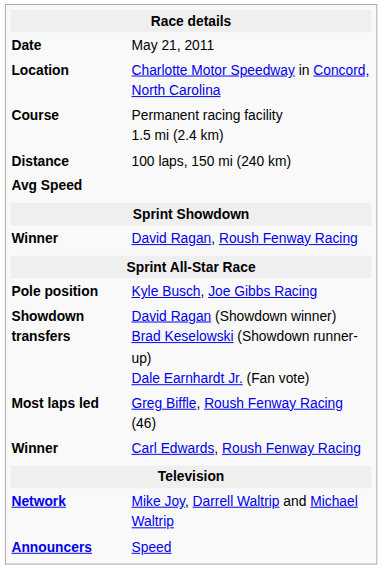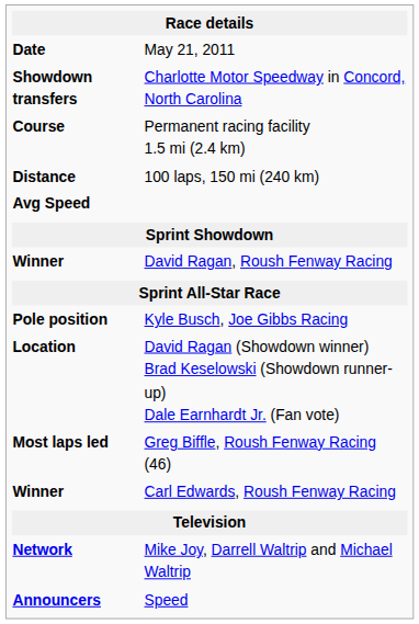 <table class="infobox vevent" style="width: 27em; font-size: 88%; line-height: 1.5em">
 <tr style="text-align: center; background: #ffffff;">
 <td align="center" style="background:#efefef;" colspan=2><strong>Race details</strong></td>
 </tr>
 <tr style="vertical-align: middle;">
 <td><strong>Date</strong></td>
 <td>May 21, 2011</td>
 </tr>
 <tr style="vertical-align: middle;">
-<td><strong>Location</strong></td>
+<td><strong>Showdown transfers</strong></td>
 <td><a href='#'>Charlotte Motor Speedway</a> in <a href='#'>Concord, North Carolina</a></td>
 </tr>
 <tr style="vertical-align: middle;">
 <td><strong>Course</strong></td>
 <td>Permanent racing facility<br>1.5 mi (2.4 km)</td>
 </tr>
 <tr style="vertical-align: middle;">
 <td><strong>Distance</strong></td>
 <td>100 laps, 150 mi (240 km)<br></td>
 </tr>
 <tr style="vertical-align: middle;">
 <td><strong>Avg Speed</strong></td>
 <td></td>
 </tr>
 <tr style="vertical-align: middle;">
 <td></td>
 </tr>
 <tr>
 <td align="center" style="background:#efefef;" colspan=2><strong>Sprint Showdown</strong><br></td>
 </tr>
 <tr style="vertical-align: middle;">
 <td><strong>Winner</strong></td>
 <td><a href='#'>David Ragan</a>, <a href='#'>Roush Fenway Racing</a></td>
 </tr>
 <tr style="vertical-align: middle;">
 <td></td>
 </tr>
 <tr>
 <td align="center" style="background:#efefef;" colspan=2><strong>Sprint All-Star Race</strong></td>
 </tr>
 <tr style="vertical-align: middle;">
 <td><strong>Pole position</strong></td>
 <td><a href='#'>Kyle Busch</a>, <a href='#'>Joe Gibbs Racing</a></td>
 </tr>
 <tr style="vertical-align: middle;">
-<td><strong>Showdown transfers</strong></td>
+<td><strong>Location</strong></td>
 <td><a href='#'>David Ragan</a> (Showdown winner)<br><a href='#'>Brad Keselowski</a> (Showdown runner-up)<br><a href='#'>Dale Earnhardt Jr.</a> (Fan vote)</td>
 </tr>
 <tr style="vertical-align: middle;">
 <td><strong>Most laps led</strong></td>
 <td><a href='#'>Greg Biffle</a>, <a href='#'>Roush Fenway Racing</a> (46)</td>
 </tr>
 <tr style="vertical-align: middle;">
 <td><strong>Winner</strong></td>
 <td><a href='#'>Carl Edwards</a>, <a href='#'>Roush Fenway Racing</a></td>
 </tr>
 <tr style="vertical-align: middle;">
 <td></td>
 </tr>
 <tr>
 <td align="center" style="background:#efefef;" colspan=2><strong>Television</strong></td>
 </tr>
 <tr style="vertical-align: middle;">
 <td><strong><a href='#'>Network</a></strong></td>
 <td><a href='#'>Mike Joy</a>, <a href='#'>Darrell Waltrip</a> and <a href='#'>Michael Waltrip</a></td>
 </tr>
 <tr style="vertical-align: middle;">
 <td><strong><a href='#'>Announcers</a></strong></td>
 <td><a href='#'>Speed</a></td>
 </tr>
 </table>
